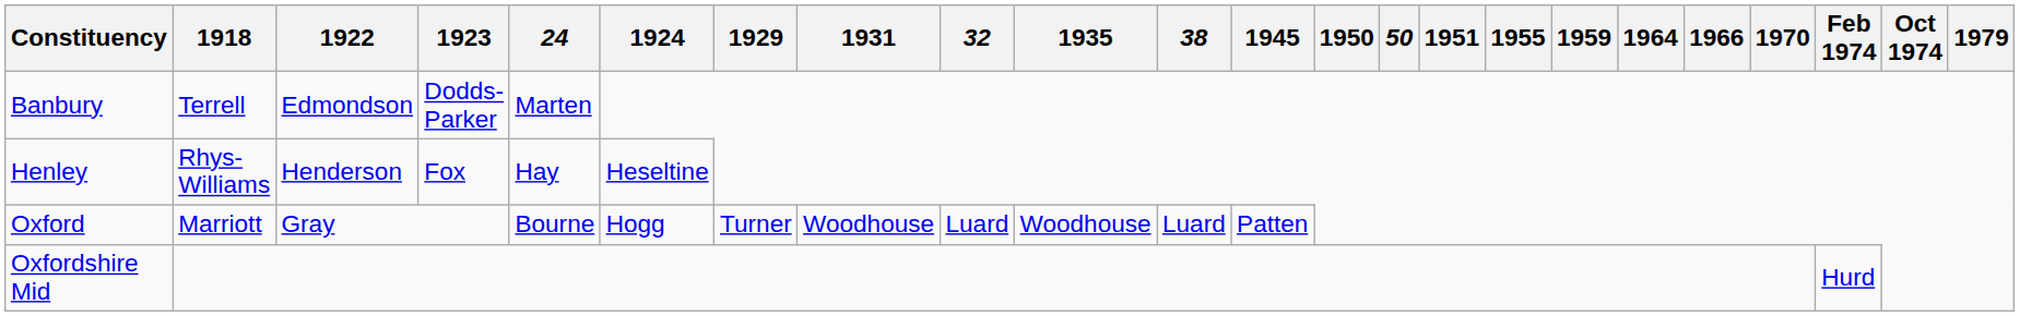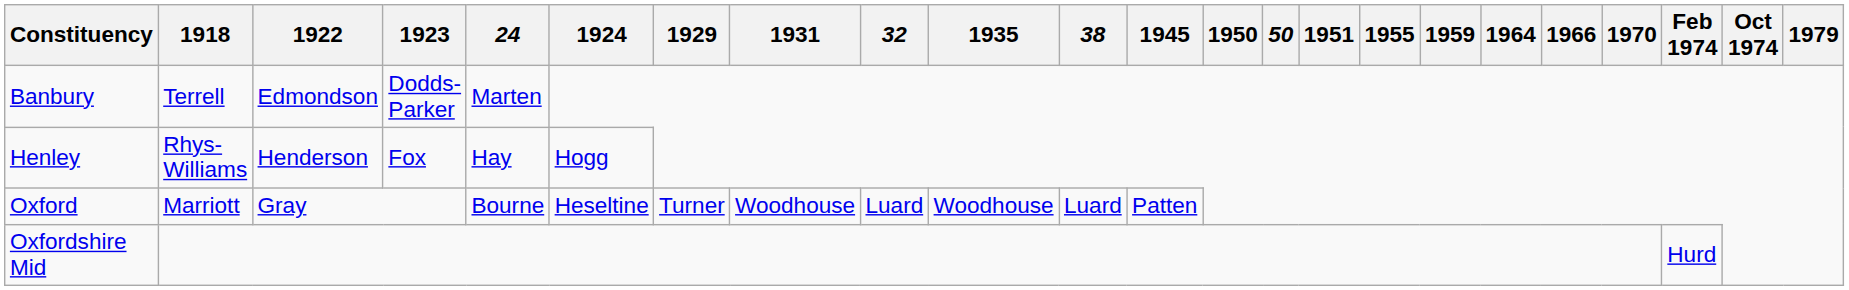 <table class="wikitable">
 <tr>
 <th>Constituency</th>
 <th>1918</th>
 <th>1922</th>
 <th>1923</th>
 <th><em>24</em></th>
 <th>1924</th>
 <th>1929</th>
 <th>1931</th>
 <th><em>32</em></th>
 <th>1935</th>
 <th><em>38</em></th>
 <th>1945</th>
 <th>1950</th>
 <th><em>50</em></th>
 <th>1951</th>
 <th>1955</th>
 <th>1959</th>
 <th>1964</th>
 <th>1966</th>
 <th>1970</th>
 <th>Feb 1974</th>
 <th>Oct 1974</th>
 <th>1979</th>
 </tr>
 <tr>
 <td><a href='#'>Banbury</a></td>
 <td><a href='#'>Terrell</a></td>
 <td><a href='#'>Edmondson</a></td>
 <td><a href='#'>Dodds-Parker</a></td>
 <td><a href='#'>Marten</a></td>
 </tr>
 <tr>
 <td><a href='#'>Henley</a></td>
 <td><a href='#'>Rhys-Williams</a></td>
 <td><a href='#'>Henderson</a></td>
 <td><a href='#'>Fox</a></td>
 <td><a href='#'>Hay</a></td>
-<td><a href='#'>Heseltine</a></td>
+<td><a href='#'>Hogg</a></td>
 </tr>
 <tr>
 <td><a href='#'>Oxford</a></td>
 <td><a href='#'>Marriott</a></td>
 <td colspan="2"><a href='#'>Gray</a></td>
 <td><a href='#'>Bourne</a></td>
-<td><a href='#'>Hogg</a></td>
+<td><a href='#'>Heseltine</a></td>
 <td><a href='#'>Turner</a></td>
 <td><a href='#'>Woodhouse</a></td>
 <td><a href='#'>Luard</a></td>
 <td><a href='#'>Woodhouse</a></td>
 <td><a href='#'>Luard</a></td>
 <td><a href='#'>Patten</a></td>
 </tr>
 <tr>
 <td><a href='#'>Oxfordshire Mid</a></td>
 <td colspan="19"></td>
 <td><a href='#'>Hurd</a></td>
 </tr>
 </table>
